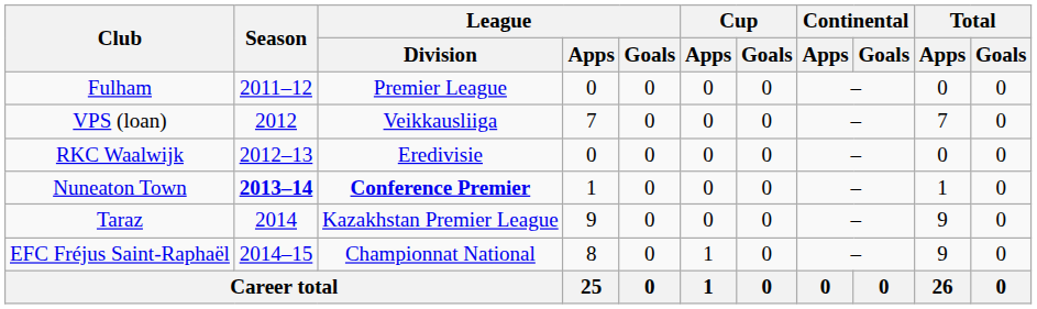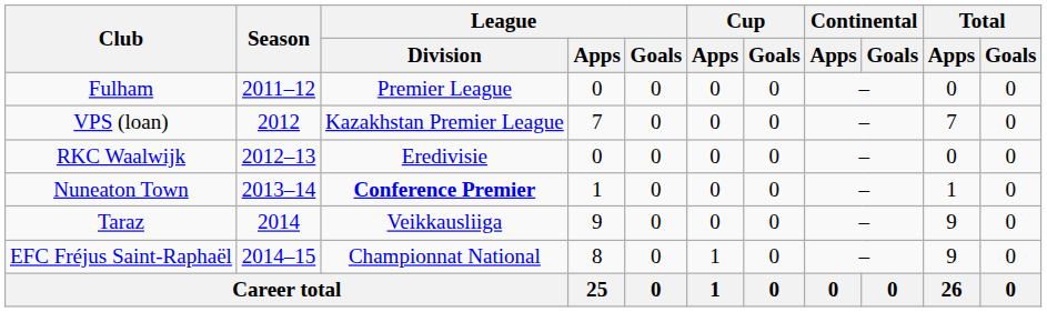 <table class="wikitable" style="text-align:center">
 <tr>
 <th rowspan="2">Club</th>
 <th rowspan="2">Season</th>
 <th colspan="3">League</th>
 <th colspan="2">Cup</th>
 <th colspan="2">Continental</th>
 <th colspan="2">Total</th>
 </tr>
 <tr>
 <th>Division</th>
 <th>Apps</th>
 <th>Goals</th>
 <th>Apps</th>
 <th>Goals</th>
 <th>Apps</th>
 <th>Goals</th>
 <th>Apps</th>
 <th>Goals</th>
 </tr>
 <tr>
 <td><a href='#'>Fulham</a></td>
 <td><a href='#'>2011–12</a></td>
 <td><a href='#'>Premier League</a></td>
 <td>0</td>
 <td>0</td>
 <td>0</td>
 <td>0</td>
 <td colspan="2">–</td>
 <td>0</td>
 <td>0</td>
 </tr>
 <tr>
 <td><a href='#'>VPS</a> (loan)</td>
 <td><a href='#'>2012</a></td>
-<td><a href='#'>Veikkausliiga</a></td>
+<td><a href='#'>Kazakhstan Premier League</a></td>
 <td>7</td>
 <td>0</td>
 <td>0</td>
 <td>0</td>
 <td colspan="2">–</td>
 <td>7</td>
 <td>0</td>
 </tr>
 <tr>
 <td><a href='#'>RKC Waalwijk</a></td>
 <td><a href='#'>2012–13</a></td>
 <td><a href='#'>Eredivisie</a></td>
 <td>0</td>
 <td>0</td>
 <td>0</td>
 <td>0</td>
 <td colspan="2">–</td>
 <td>0</td>
 <td>0</td>
 </tr>
 <tr>
 <td><a href='#'>Nuneaton Town</a></td>
-<td><strong><a href='#'>2013–14</a></strong></td>
+<td><a href='#'>2013–14</a></td>
 <td><strong><a href='#'>Conference Premier</a></strong></td>
 <td>1</td>
 <td>0</td>
 <td>0</td>
 <td>0</td>
 <td colspan="2">–</td>
 <td>1</td>
 <td>0</td>
 </tr>
 <tr>
 <td><a href='#'>Taraz</a></td>
 <td><a href='#'>2014</a></td>
-<td><a href='#'>Kazakhstan Premier League</a></td>
+<td><a href='#'>Veikkausliiga</a></td>
 <td>9</td>
 <td>0</td>
 <td>0</td>
 <td>0</td>
 <td colspan="2">–</td>
 <td>9</td>
 <td>0</td>
 </tr>
 <tr>
 <td><a href='#'>EFC Fréjus Saint-Raphaël</a></td>
 <td><a href='#'>2014–15</a></td>
 <td><a href='#'>Championnat National</a></td>
 <td>8</td>
 <td>0</td>
 <td>1</td>
 <td>0</td>
 <td colspan="2">–</td>
 <td>9</td>
 <td>0</td>
 </tr>
 <tr>
 <th colspan="3">Career total</th>
 <th>25</th>
 <th>0</th>
 <th>1</th>
 <th>0</th>
 <th>0</th>
 <th>0</th>
 <th>26</th>
 <th>0</th>
 </tr>
 </table>
